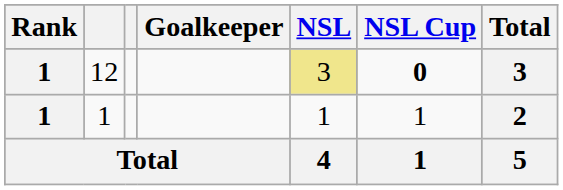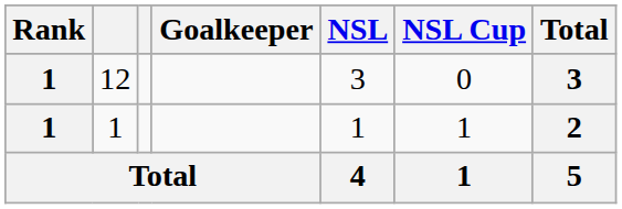 <table class="wikitable sortable" style="text-align:center">
 <tr>
 <th>Rank</th>
 <th></th>
 <th></th>
 <th>Goalkeeper</th>
 <th><a href='#'>NSL</a></th>
 <th><a href='#'>NSL Cup</a></th>
 <th>Total</th>
 </tr>
 <tr>
 <th>1</th>
 <td>12</td>
 <td></td>
 <td align="left"></td>
-<td style="background: khaki;">3</td>
-<td><strong>0</strong></td>
+<td>3</td>
+<td>0</td>
 <th>3</th>
 </tr>
 <tr>
 <th>1</th>
 <td>1</td>
 <td></td>
 <td align="left"></td>
 <td>1</td>
 <td>1</td>
 <th>2</th>
 </tr>
 <tr>
 <th colspan="4">Total</th>
 <th>4</th>
 <th>1</th>
 <th>5</th>
 </tr>
 </table>
